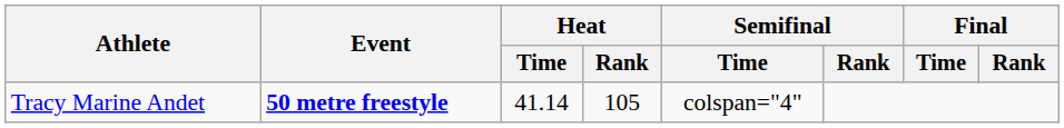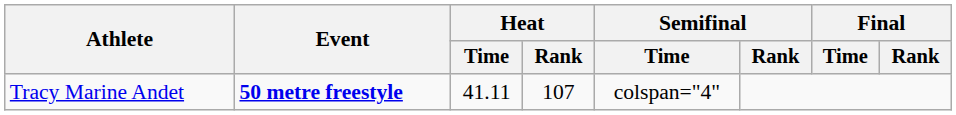 <table class="wikitable" style="text-align:center; font-size:90%; width:50%;">
 <tr>
 <th rowspan="2">Athlete</th>
 <th rowspan="2">Event</th>
 <th colspan="2">Heat</th>
 <th colspan="2">Semifinal</th>
 <th colspan="2">Final</th>
 </tr>
 <tr style="font-size:95%">
 <th>Time</th>
 <th>Rank</th>
 <th>Time</th>
 <th>Rank</th>
 <th>Time</th>
 <th>Rank</th>
 </tr>
 <tr>
 <td align=left><a href='#'>Tracy Marine Andet</a></td>
 <td align=left><strong><a href='#'>50 metre freestyle</a></strong></td>
-<td>41.14</td>
-<td>105</td>
+<td>41.11</td>
+<td>107</td>
 <td>colspan="4" </td>
 </tr>
 </table>
